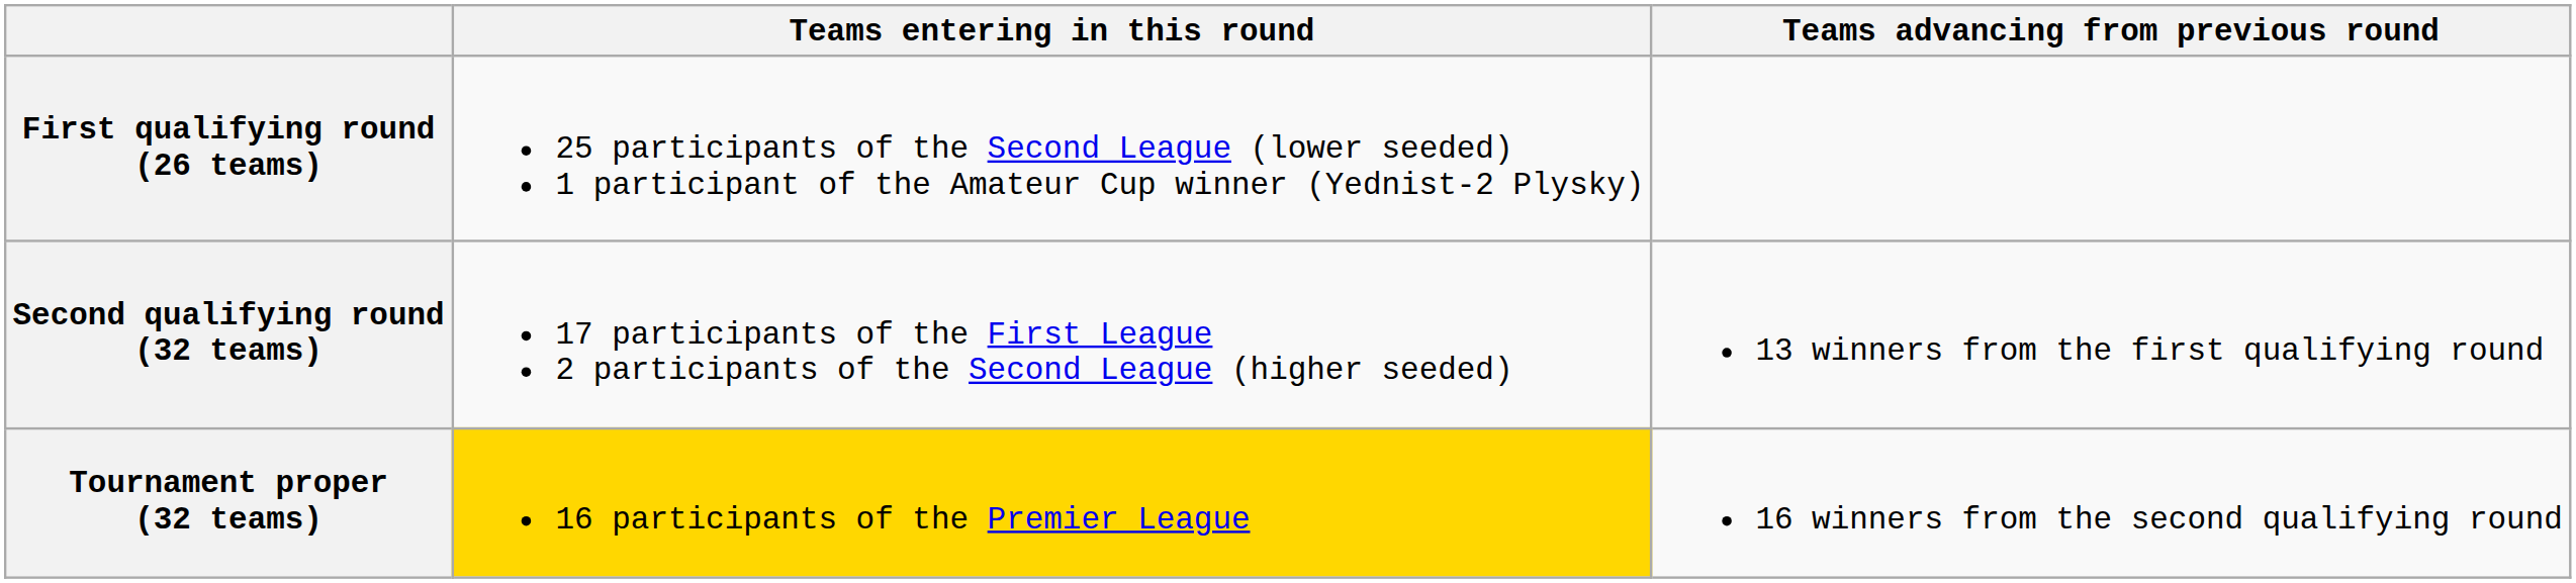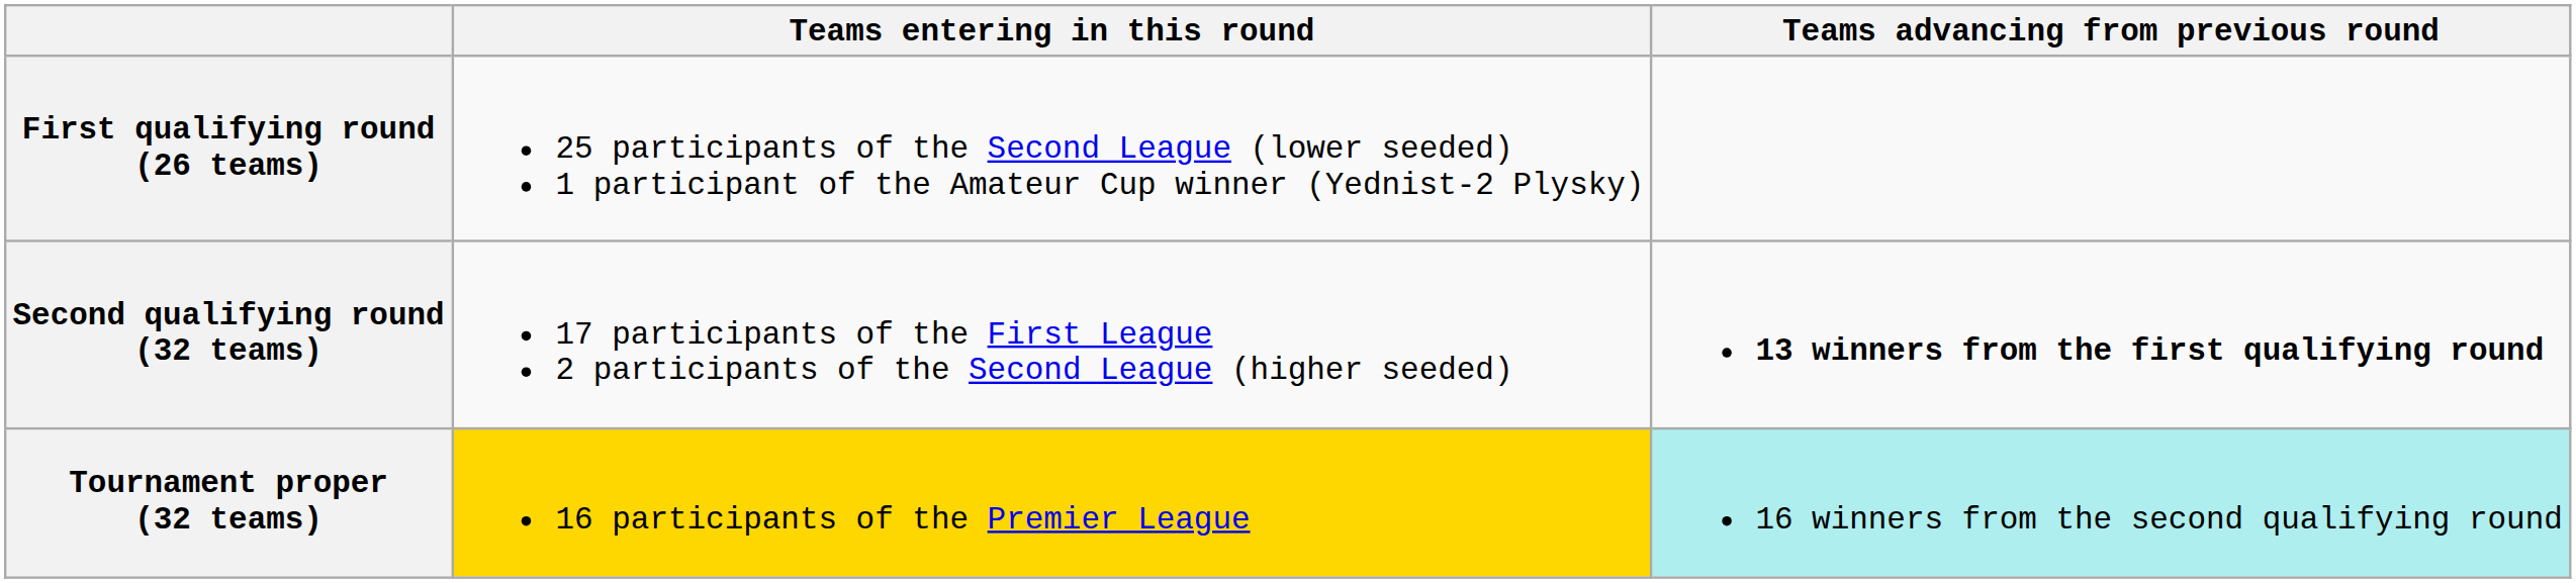 <table class="wikitable">
 <tr>
 <th colspan=2></th>
 <th>Teams entering in this round</th>
 <th>Teams advancing from previous round</th>
 </tr>
 <tr>
 <th colspan=2>First qualifying round<br> (26 teams)</th>
 <td><br><ul><li>25 participants of the <a href='#'>Second League</a> (lower seeded)</li><li>1 participant of the Amateur Cup winner (Yednist-2 Plysky)</li></ul></td>
 <td></td>
 </tr>
 <tr>
 <th colspan=2>Second qualifying round<br> (32 teams)</th>
 <td><br><ul><li>17 participants of the <a href='#'>First League</a></li><li>2 participants of the <a href='#'>Second League</a> (higher seeded)</li></ul></td>
-<td><br><ul><li>13 winners from the first qualifying round</li></ul></td>
+<td><strong><br><ul><li>13 winners from the first qualifying round</li></ul></strong></td>
 </tr>
 <tr>
 <th colspan=2>Tournament proper<br> (32 teams)</th>
 <td style="background: gold;"><br><ul><li>16 participants of the <a href='#'>Premier League</a></li></ul></td>
-<td><br><ul><li>16 winners from the second qualifying round</li></ul></td>
+<td style="background: paleturquoise;"><br><ul><li>16 winners from the second qualifying round</li></ul></td>
 </tr>
 </table>
